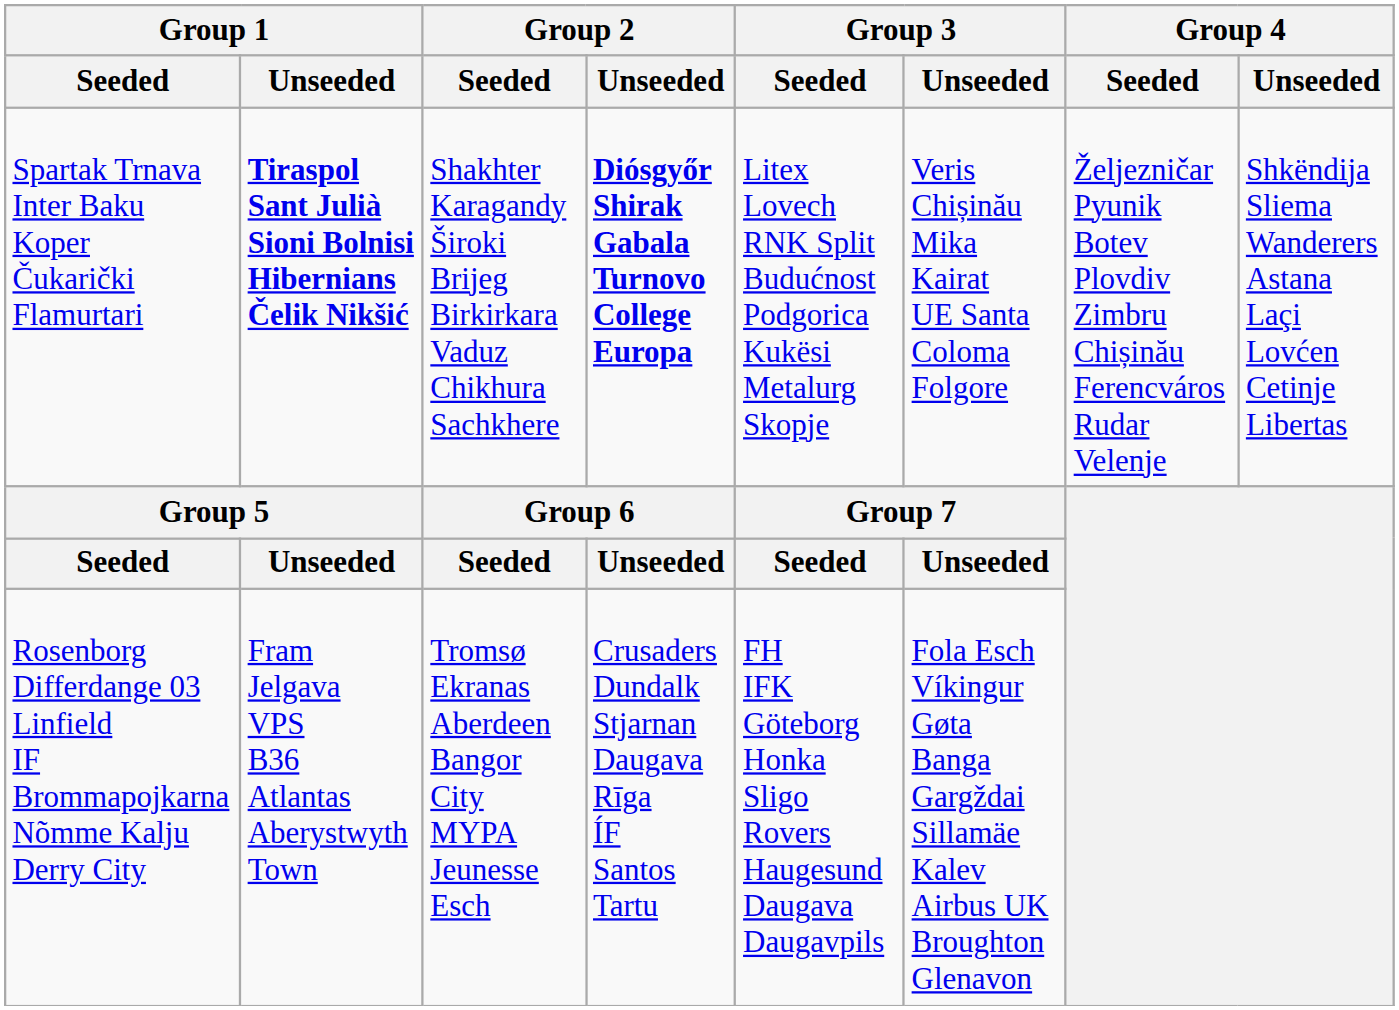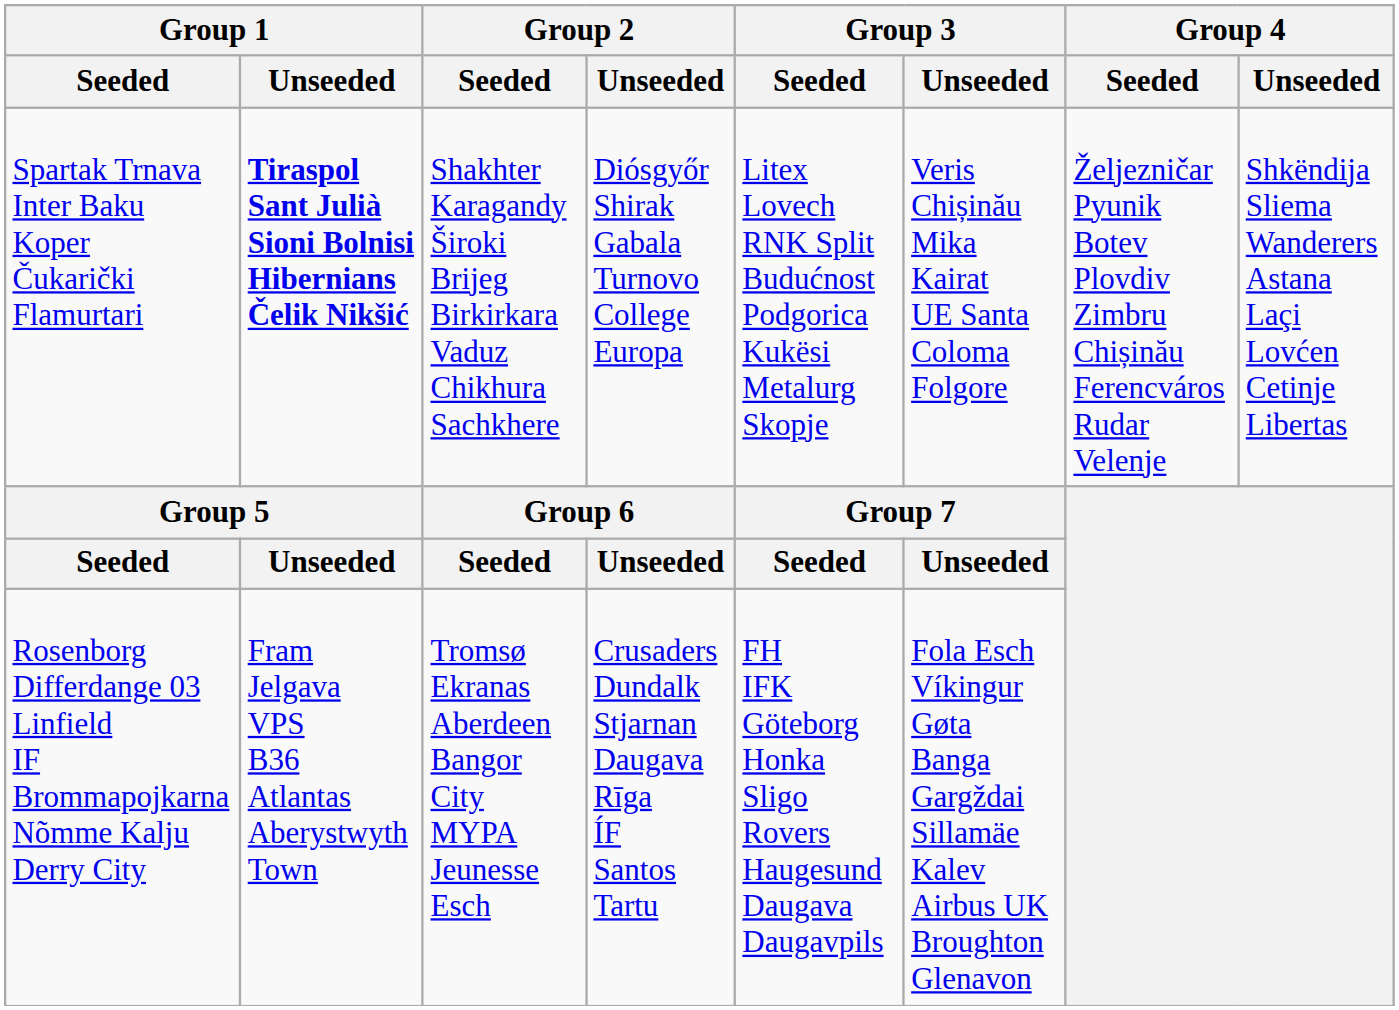 <table class="wikitable" style="font-size:85%">
 <tr>
 <th colspan=2>Group 1</th>
 <th colspan=2>Group 2</th>
 <th colspan=2>Group 3</th>
 <th colspan=2>Group 4</th>
 </tr>
 <tr>
 <th>Seeded</th>
 <th>Unseeded</th>
 <th>Seeded</th>
 <th>Unseeded</th>
 <th>Seeded</th>
 <th>Unseeded</th>
 <th>Seeded</th>
 <th>Unseeded</th>
 </tr>
 <tr>
 <td valign=top><br> <a href='#'>Spartak Trnava</a> <br>  <a href='#'>Inter Baku</a> <br>  <a href='#'>Koper</a> <br>  <a href='#'>Čukarički</a> <br>  <a href='#'>Flamurtari</a> </td>
 <td valign=top><strong><br> <a href='#'>Tiraspol</a> <br>  <a href='#'>Sant Julià</a> <br>  <a href='#'>Sioni Bolnisi</a> <br>  <a href='#'>Hibernians</a> <br>  <a href='#'>Čelik Nikšić</a> </strong></td>
 <td valign=top><br> <a href='#'>Shakhter Karagandy</a> <br>  <a href='#'>Široki Brijeg</a> <br>  <a href='#'>Birkirkara</a> <br>  <a href='#'>Vaduz</a> <br>  <a href='#'>Chikhura Sachkhere</a> </td>
-<td valign=top><strong><br> <a href='#'>Diósgyőr</a> <br>  <a href='#'>Shirak</a> <br>  <a href='#'>Gabala</a> <br>  <a href='#'>Turnovo</a> <br>  <a href='#'>College Europa</a> </strong></td>
+<td valign=top><br> <a href='#'>Diósgyőr</a> <br>  <a href='#'>Shirak</a> <br>  <a href='#'>Gabala</a> <br>  <a href='#'>Turnovo</a> <br>  <a href='#'>College Europa</a> </td>
 <td valign=top><br> <a href='#'>Litex Lovech</a> <br>  <a href='#'>RNK Split</a> <br>  <a href='#'>Budućnost Podgorica</a> <br>  <a href='#'>Kukësi</a> <br>  <a href='#'>Metalurg Skopje</a> </td>
 <td valign=top><br> <a href='#'>Veris Chișinău</a> <br>  <a href='#'>Mika</a> <br>  <a href='#'>Kairat</a> <br>  <a href='#'>UE Santa Coloma</a> <br>  <a href='#'>Folgore</a> </td>
 <td valign=top><br> <a href='#'>Željezničar</a> <br>  <a href='#'>Pyunik</a> <br>  <a href='#'>Botev Plovdiv</a> <br>  <a href='#'>Zimbru Chișinău</a> <br>  <a href='#'>Ferencváros</a> <br>  <a href='#'>Rudar Velenje</a> </td>
 <td valign=top><br> <a href='#'>Shkëndija</a> <br>  <a href='#'>Sliema Wanderers</a> <br>  <a href='#'>Astana</a> <br>  <a href='#'>Laçi</a> <br>  <a href='#'>Lovćen Cetinje</a> <br>  <a href='#'>Libertas</a> </td>
 </tr>
 <tr>
 <th colspan=2>Group 5</th>
 <th colspan=2>Group 6</th>
 <th colspan=2>Group 7</th>
 <th rowspan=3 colspan=2></th>
 </tr>
 <tr>
 <th>Seeded</th>
 <th>Unseeded</th>
 <th>Seeded</th>
 <th>Unseeded</th>
 <th>Seeded</th>
 <th>Unseeded</th>
 </tr>
 <tr>
 <td valign=top><br> <a href='#'>Rosenborg</a> <br>  <a href='#'>Differdange 03</a> <br>  <a href='#'>Linfield</a> <br>  <a href='#'>IF Brommapojkarna</a> <br>  <a href='#'>Nõmme Kalju</a> <br>  <a href='#'>Derry City</a> </td>
 <td valign=top><br> <a href='#'>Fram</a> <br>  <a href='#'>Jelgava</a> <br>  <a href='#'>VPS</a> <br>  <a href='#'>B36</a> <br>  <a href='#'>Atlantas</a> <br>  <a href='#'>Aberystwyth Town</a> </td>
 <td valign=top><br> <a href='#'>Tromsø</a> <br>  <a href='#'>Ekranas</a> <br>  <a href='#'>Aberdeen</a> <br>  <a href='#'>Bangor City</a> <br>  <a href='#'>MYPA</a> <br>  <a href='#'>Jeunesse Esch</a> </td>
 <td valign=top><br> <a href='#'>Crusaders</a> <br>  <a href='#'>Dundalk</a> <br>  <a href='#'>Stjarnan</a> <br>  <a href='#'>Daugava Rīga</a> <br>  <a href='#'>ÍF</a> <br>  <a href='#'>Santos Tartu</a> </td>
 <td valign=top><br> <a href='#'>FH</a> <br>  <a href='#'>IFK Göteborg</a> <br>  <a href='#'>Honka</a> <br>  <a href='#'>Sligo Rovers</a> <br>  <a href='#'>Haugesund</a> <br>  <a href='#'>Daugava Daugavpils</a> </td>
 <td valign=top><br> <a href='#'>Fola Esch</a> <br>  <a href='#'>Víkingur Gøta</a> <br>  <a href='#'>Banga Gargždai</a> <br>  <a href='#'>Sillamäe Kalev</a> <br>  <a href='#'>Airbus UK Broughton</a> <br>  <a href='#'>Glenavon</a> </td>
 </tr>
 </table>
